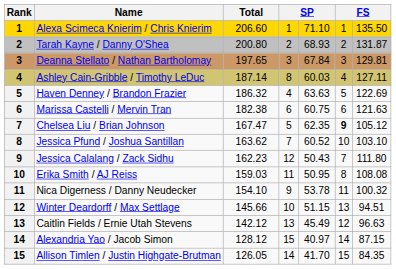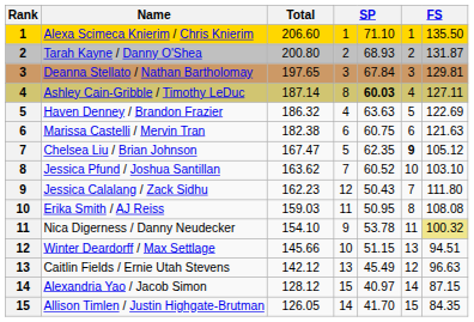 <table class="wikitable sortable">
 <tr>
 <th>Rank</th>
 <th>Name</th>
 <th width="80px">Total</th>
 <th colspan="2" width="80px"><a href='#'>SP</a></th>
 <th colspan="2" width="80px"><a href='#'>FS</a></th>
 </tr>
 <tr bgcolor="gold">
 <td align="center"><strong>1</strong></td>
 <td><a href='#'>Alexa Scimeca Knierim</a> / <a href='#'>Chris Knierim</a></td>
 <td align="center">206.60</td>
 <td align="center">1</td>
 <td align="center">71.10</td>
 <td align="center">1</td>
 <td align="center">135.50</td>
 </tr>
 <tr bgcolor="silver">
 <td align="center"><strong>2</strong></td>
 <td><a href='#'>Tarah Kayne</a> / <a href='#'>Danny O'Shea</a></td>
 <td align="center">200.80</td>
 <td align="center">2</td>
 <td align="center">68.93</td>
 <td align="center">2</td>
 <td align="center">131.87</td>
 </tr>
 <tr bgcolor="cc9966">
 <td align="center"><strong>3</strong></td>
 <td><a href='#'>Deanna Stellato</a> / <a href='#'>Nathan Bartholomay</a></td>
 <td align="center">197.65</td>
 <td align="center">3</td>
 <td align="center">67.84</td>
 <td align="center">3</td>
 <td align="center">129.81</td>
 </tr>
 <tr bgcolor="#d1c571">
 <td align="center"><strong>4</strong></td>
 <td><a href='#'>Ashley Cain-Gribble</a> / <a href='#'>Timothy LeDuc</a></td>
 <td align="center">187.14</td>
 <td align="center">8</td>
-<td align="center">60.03</td>
+<td align="center"><strong>60.03</strong></td>
 <td align="center">4</td>
 <td align="center">127.11</td>
 </tr>
 <tr>
 <th>5</th>
 <td><a href='#'>Haven Denney</a> / <a href='#'>Brandon Frazier</a></td>
 <td align="center">186.32</td>
 <td align="center">4</td>
 <td align="center">63.63</td>
 <td align="center">5</td>
 <td align="center">122.69</td>
 </tr>
 <tr>
 <th>6</th>
 <td><a href='#'>Marissa Castelli</a> / <a href='#'>Mervin Tran</a></td>
 <td align="center">182.38</td>
 <td align="center">6</td>
 <td align="center">60.75</td>
 <td align="center">6</td>
 <td align="center">121.63</td>
 </tr>
 <tr>
 <th>7</th>
 <td><a href='#'>Chelsea Liu</a> / <a href='#'>Brian Johnson</a></td>
 <td align="center">167.47</td>
 <td align="center">5</td>
 <td align="center">62.35</td>
 <td align="center"><strong>9</strong></td>
 <td align="center">105.12</td>
 </tr>
 <tr>
 <th>8</th>
 <td><a href='#'>Jessica Pfund</a> / <a href='#'>Joshua Santillan</a></td>
 <td align="center">163.62</td>
 <td align="center">7</td>
 <td align="center">60.52</td>
 <td align="center">10</td>
 <td align="center">103.10</td>
 </tr>
 <tr>
 <th>9</th>
 <td><a href='#'>Jessica Calalang</a> / <a href='#'>Zack Sidhu</a></td>
 <td align="center">162.23</td>
 <td align="center">12</td>
 <td align="center">50.43</td>
 <td align="center">7</td>
 <td align="center">111.80</td>
 </tr>
 <tr>
 <th>10</th>
 <td><a href='#'>Erika Smith</a> / <a href='#'>AJ Reiss</a></td>
 <td align="center">159.03</td>
 <td align="center">11</td>
 <td align="center">50.95</td>
 <td align="center">8</td>
 <td align="center">108.08</td>
 </tr>
 <tr>
 <th>11</th>
 <td>Nica Digerness / Danny Neudecker</td>
 <td align="center">154.10</td>
 <td align="center">9</td>
 <td align="center">53.78</td>
 <td align="center">11</td>
-<td align="center">100.32</td>
+<td align="center" style="background: khaki;">100.32</td>
 </tr>
 <tr>
 <th>12</th>
 <td><a href='#'>Winter Deardorff</a> / <a href='#'>Max Settlage</a></td>
 <td align="center">145.66</td>
 <td align="center">10</td>
 <td align="center">51.15</td>
 <td align="center">13</td>
 <td align="center">94.51</td>
 </tr>
 <tr>
 <th>13</th>
 <td>Caitlin Fields / Ernie Utah Stevens</td>
 <td align="center">142.12</td>
 <td align="center">13</td>
 <td align="center">45.49</td>
 <td align="center">12</td>
 <td align="center">96.63</td>
 </tr>
 <tr>
 <th>14</th>
 <td><a href='#'>Alexandria Yao</a> / Jacob Simon</td>
 <td align="center">128.12</td>
 <td align="center">15</td>
 <td align="center">40.97</td>
 <td align="center">14</td>
 <td align="center">87.15</td>
 </tr>
 <tr>
 <th>15</th>
 <td><a href='#'>Allison Timlen</a> / <a href='#'>Justin Highgate-Brutman</a></td>
 <td align="center">126.05</td>
 <td align="center">14</td>
 <td align="center">41.70</td>
 <td align="center">15</td>
 <td align="center">84.35</td>
 </tr>
 </table>
